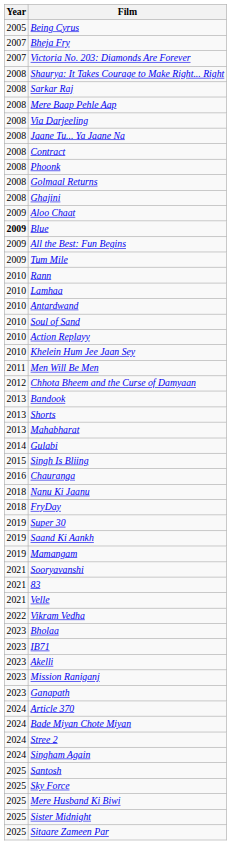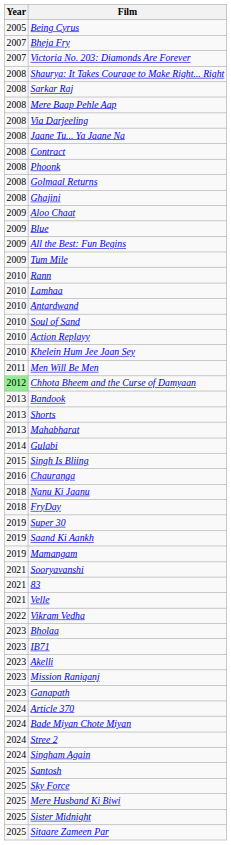 <table class="wikitable sortable">
 <tr>
 <th>Year</th>
 <th>Film</th>
 </tr>
 <tr>
 <td>2005</td>
 <td><em><a href='#'>Being Cyrus</a></em></td>
 </tr>
 <tr>
 <td>2007</td>
 <td><em><a href='#'>Bheja Fry</a></em></td>
 </tr>
 <tr>
 <td>2007</td>
 <td><em><a href='#'>Victoria No. 203: Diamonds Are Forever</a></em></td>
 </tr>
 <tr>
 <td>2008</td>
 <td><em><a href='#'>Shaurya: It Takes Courage to Make Right... Right</a></em></td>
 </tr>
 <tr>
 <td>2008</td>
 <td><em><a href='#'>Sarkar Raj</a></em></td>
 </tr>
 <tr>
 <td>2008</td>
 <td><em><a href='#'>Mere Baap Pehle Aap</a></em></td>
 </tr>
 <tr>
 <td>2008</td>
 <td><em><a href='#'>Via Darjeeling</a></em></td>
 </tr>
 <tr>
 <td>2008</td>
 <td><em><a href='#'>Jaane Tu... Ya Jaane Na</a></em></td>
 </tr>
 <tr>
 <td>2008</td>
 <td><em><a href='#'>Contract</a></em></td>
 </tr>
 <tr>
 <td>2008</td>
 <td><em><a href='#'>Phoonk</a></em></td>
 </tr>
 <tr>
 <td>2008</td>
 <td><em><a href='#'>Golmaal Returns</a></em></td>
 </tr>
 <tr>
 <td>2008</td>
 <td><em><a href='#'>Ghajini</a></em></td>
 </tr>
 <tr>
 <td>2009</td>
 <td><em><a href='#'>Aloo Chaat</a></em></td>
 </tr>
 <tr>
-<td><strong>2009</strong></td>
+<td>2009</td>
 <td><em><a href='#'>Blue</a></em></td>
 </tr>
 <tr>
 <td>2009</td>
 <td><em><a href='#'>All the Best: Fun Begins</a></em></td>
 </tr>
 <tr>
 <td>2009</td>
 <td><em><a href='#'>Tum Mile</a></em></td>
 </tr>
 <tr>
 <td>2010</td>
 <td><em><a href='#'>Rann</a></em></td>
 </tr>
 <tr>
 <td>2010</td>
 <td><em><a href='#'>Lamhaa</a></em></td>
 </tr>
 <tr>
 <td>2010</td>
 <td><em><a href='#'>Antardwand</a></em></td>
 </tr>
 <tr>
 <td>2010</td>
 <td><em><a href='#'>Soul of Sand</a></em></td>
 </tr>
 <tr>
 <td>2010</td>
 <td><em><a href='#'>Action Replayy</a></em></td>
 </tr>
 <tr>
 <td>2010</td>
 <td><em><a href='#'>Khelein Hum Jee Jaan Sey</a></em></td>
 </tr>
 <tr>
 <td>2011</td>
 <td><em><a href='#'>Men Will Be Men</a></em></td>
 </tr>
 <tr>
-<td>2012</td>
+<td style="background: lightgreen;">2012</td>
 <td><em><a href='#'>Chhota Bheem and the Curse of Damyaan</a></em></td>
 </tr>
 <tr>
 <td>2013</td>
 <td><em><a href='#'>Bandook</a></em></td>
 </tr>
 <tr>
 <td>2013</td>
 <td><em><a href='#'>Shorts</a></em></td>
 </tr>
 <tr>
 <td>2013</td>
 <td><em><a href='#'>Mahabharat</a></em></td>
 </tr>
 <tr>
 <td>2014</td>
 <td><em><a href='#'>Gulabi</a></em></td>
 </tr>
 <tr>
 <td>2015</td>
 <td><em><a href='#'>Singh Is Bliing</a></em></td>
 </tr>
 <tr>
 <td>2016</td>
 <td><em><a href='#'>Chauranga</a></em></td>
 </tr>
 <tr>
 <td>2018</td>
 <td><em><a href='#'>Nanu Ki Jaanu</a></em></td>
 </tr>
 <tr>
 <td>2018</td>
 <td><em><a href='#'>FryDay</a></em></td>
 </tr>
 <tr>
 <td>2019</td>
 <td><em><a href='#'>Super 30</a></em></td>
 </tr>
 <tr>
 <td>2019</td>
 <td><em><a href='#'>Saand Ki Aankh</a></em></td>
 </tr>
 <tr>
 <td>2019</td>
 <td><em><a href='#'>Mamangam</a></em></td>
 </tr>
 <tr>
 <td>2021</td>
 <td><em><a href='#'>Sooryavanshi</a></em></td>
 </tr>
 <tr>
 <td>2021</td>
 <td><em><a href='#'>83</a></em></td>
 </tr>
 <tr>
 <td>2021</td>
 <td><em><a href='#'>Velle</a></em></td>
 </tr>
 <tr>
 <td>2022</td>
 <td><em><a href='#'>Vikram Vedha</a></em></td>
 </tr>
 <tr>
 <td>2023</td>
 <td><em><a href='#'>Bholaa</a></em></td>
 </tr>
 <tr>
 <td>2023</td>
 <td><em><a href='#'>IB71</a></em></td>
 </tr>
 <tr>
 <td>2023</td>
 <td><em><a href='#'>Akelli</a></em></td>
 </tr>
 <tr>
 <td>2023</td>
 <td><em><a href='#'>Mission Raniganj</a></em></td>
 </tr>
 <tr>
 <td>2023</td>
 <td><em><a href='#'>Ganapath</a></em></td>
 </tr>
 <tr>
 <td>2024</td>
 <td><em><a href='#'>Article 370</a></em></td>
 </tr>
 <tr>
 <td>2024</td>
 <td><em><a href='#'>Bade Miyan Chote Miyan</a></em></td>
 </tr>
 <tr>
 <td>2024</td>
 <td><em><a href='#'>Stree 2</a></em></td>
 </tr>
 <tr>
 <td>2024</td>
 <td><em><a href='#'>Singham Again</a></em></td>
 </tr>
 <tr>
 <td>2025</td>
 <td><em><a href='#'>Santosh</a></em></td>
 </tr>
 <tr>
 <td>2025</td>
 <td><em><a href='#'>Sky Force</a></em></td>
 </tr>
 <tr>
 <td>2025</td>
 <td><em><a href='#'>Mere Husband Ki Biwi</a></em></td>
 </tr>
 <tr>
 <td>2025</td>
 <td><em><a href='#'>Sister Midnight</a></em></td>
 </tr>
 <tr>
 <td>2025</td>
 <td><em><a href='#'>Sitaare Zameen Par</a></em></td>
 </tr>
 </table>
